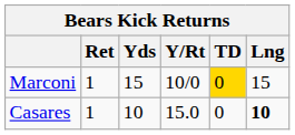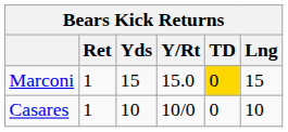 <table class="wikitable">
 <tr>
 <th colspan="6">Bears Kick Returns</th>
 </tr>
 <tr>
 <th></th>
 <th>Ret</th>
 <th>Yds</th>
 <th>Y/Rt</th>
 <th>TD</th>
 <th>Lng</th>
 </tr>
 <tr>
 <td><a href='#'>Marconi</a></td>
 <td>1</td>
 <td>15</td>
-<td>10/0</td>
+<td>15.0</td>
 <td style="background: gold;">0</td>
 <td>15</td>
 </tr>
 <tr>
 <td><a href='#'>Casares</a></td>
 <td>1</td>
 <td>10</td>
-<td>15.0</td>
+<td>10/0</td>
 <td>0</td>
-<td><strong>10</strong></td>
+<td>10</td>
 </tr>
 </table>
